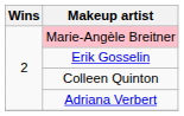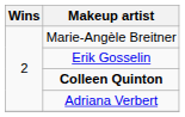 <table class="wikitable" style="text-align:center;">
 <tr>
 <th scope="col" width="17">Wins</th>
 <th scope="col" align="center">Makeup artist</th>
 </tr>
 <tr>
 <td rowspan="4" style="text-align:center;">2</td>
-<td style="background: pink;">Marie-Angèle Breitner</td>
+<td>Marie-Angèle Breitner</td>
 </tr>
 <tr>
 <td><a href='#'>Erik Gosselin</a></td>
 </tr>
 <tr>
-<td>Colleen Quinton</td>
+<td><strong>Colleen Quinton</strong></td>
 </tr>
 <tr>
 <td><a href='#'>Adriana Verbert</a></td>
 </tr>
 <tr>
 </tr>
 </table>
